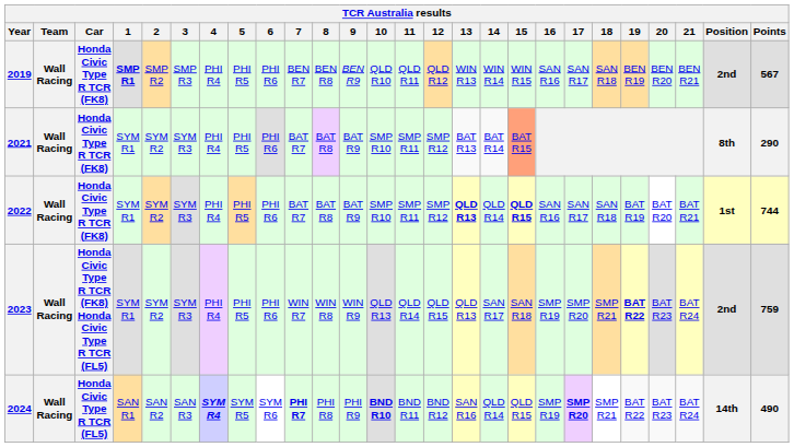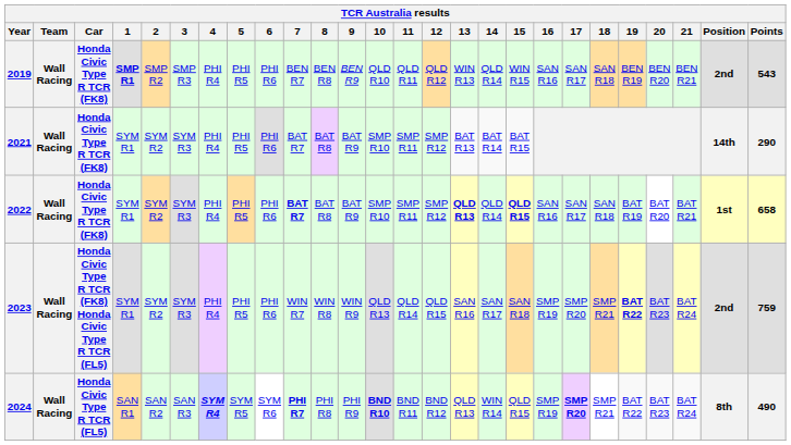 <table class="wikitable" style="text-align:center; font-size:75%">
 <tr>
 <th colspan=45><a href='#'>TCR Australia</a> results</th>
 </tr>
 <tr>
 <th>Year</th>
 <th>Team</th>
 <th>Car</th>
 <th>1</th>
 <th>2</th>
 <th>3</th>
 <th>4</th>
 <th>5</th>
 <th>6</th>
 <th>7</th>
 <th>8</th>
 <th>9</th>
 <th>10</th>
 <th>11</th>
 <th>12</th>
 <th>13</th>
 <th>14</th>
 <th>15</th>
 <th>16</th>
 <th>17</th>
 <th>18</th>
 <th>19</th>
 <th>20</th>
 <th>21</th>
 <th>Position</th>
 <th>Points</th>
 </tr>
 <tr>
 <th><a href='#'>2019</a></th>
 <th>Wall Racing</th>
 <th><a href='#'>Honda Civic Type R TCR (FK8)</a></th>
 <td style="background:#dfdfdf"><strong><a href='#'>SMP<br>R1</a><br></strong></td>
 <td style="background:#ffdf9f"><a href='#'>SMP<br>R2</a><br></td>
 <td style="background:#dfffdf"><a href='#'>SMP<br>R3</a><br></td>
 <td style="background:#dfffdf"><a href='#'>PHI<br>R4</a><br></td>
 <td style="background:#dfffdf"><a href='#'>PHI<br>R5</a><br></td>
 <td style="background:#dfffdf"><a href='#'>PHI<br>R6</a><br></td>
 <td style="background:#dfffdf"><a href='#'>BEN<br>R7</a><br></td>
 <td style="background:#dfffdf"><a href='#'>BEN<br>R8</a><br></td>
 <td style="background:#dfffdf"><em><a href='#'>BEN<br>R9</a><br></em></td>
 <td style="background:#dfffdf"><a href='#'>QLD<br>R10</a><br></td>
 <td style="background:#dfffdf"><a href='#'>QLD<br>R11</a><br></td>
 <td style="background:#ffdf9f"><a href='#'>QLD<br>R12</a><br></td>
 <td style="background:#dfffdf"><a href='#'>WIN<br>R13</a><br></td>
-<td style="background:#dfffdf"><a href='#'>WIN<br>R14</a><br></td>
+<td style=background:#dfffdf><a href='#'>QLD<br>R14</a><br></td>
 <td style="background:#dfffdf"><a href='#'>WIN<br>R15</a><br></td>
 <td style="background:#dfffdf"><a href='#'>SAN<br>R16</a><br></td>
 <td style="background:#dfffdf"><a href='#'>SAN<br>R17</a><br></td>
 <td style="background:#ffdf9f"><a href='#'>SAN<br>R18</a><br></td>
 <td style="background:#ffdf9f"><a href='#'>BEN<br>R19</a><br></td>
 <td style="background:#dfffdf"><a href='#'>BEN<br>R20</a><br></td>
 <td style="background:#dfffdf"><a href='#'>BEN<br>R21</a><br></td>
 <th style="background:#dfdfdf"><strong>2nd</strong></th>
-<th style="background:#dfdfdf"><strong>567</strong></th>
+<th style="background:#dfdfdf"><strong>543</strong></th>
 </tr>
 <tr>
 <th><a href='#'>2021</a></th>
 <th>Wall Racing</th>
 <th><a href='#'>Honda Civic Type R TCR (FK8)</a></th>
 <td style="background:#dfffdf"><a href='#'>SYM<br>R1</a><br></td>
 <td style="background:#dfffdf"><a href='#'>SYM<br>R2</a><br></td>
 <td style="background:#dfffdf"><a href='#'>SYM<br>R3</a><br></td>
 <td style="background:#dfffdf"><a href='#'>PHI<br>R4</a><br></td>
 <td style="background:#dfffdf"><a href='#'>PHI<br>R5</a><br></td>
 <td style="background:#dfdfdf"><a href='#'>PHI<br>R6</a><br></td>
 <td style="background:#dfffdf"><a href='#'>BAT<br>R7</a><br></td>
 <td style="background:#efcfff"><a href='#'>BAT<br>R8</a><br></td>
 <td style="background:#dfffdf"><a href='#'>BAT<br>R9</a><br></td>
 <td style="background:#dfffdf"><a href='#'>SMP<br>R10</a><br></td>
 <td style="background:#dfffdf"><a href='#'>SMP<br>R11</a><br></td>
 <td style="background:#dfffdf"><a href='#'>SMP<br>R12</a><br></td>
 <td><a href='#'>BAT<br>R13</a></td>
 <td><a href='#'>BAT<br>R14</a></td>
-<td style="background: lightsalmon;"><a href='#'>BAT<br>R15</a></td>
+<td><a href='#'>BAT<br>R15</a></td>
 <th colspan=6></th>
-<th>8th</th>
+<th>14th</th>
 <th>290</th>
 </tr>
 <tr>
 <th><a href='#'>2022</a></th>
 <th>Wall Racing</th>
 <th><a href='#'>Honda Civic Type R TCR (FK8)</a></th>
 <td style="background:#dfffdf"><a href='#'>SYM<br>R1</a><br></td>
 <td style="background:#ffdf9f"><a href='#'>SYM<br>R2</a><br></td>
 <td style="background:#dfdfdf"><a href='#'>SYM<br>R3</a><br></td>
 <td style="background:#dfffdf"><a href='#'>PHI<br>R4</a><br></td>
 <td style="background:#ffdf9f"><a href='#'>PHI<br>R5</a><br></td>
 <td style="background:#dfffdf"><a href='#'>PHI<br>R6</a><br></td>
-<td style="background:#dfffdf"><a href='#'>BAT<br>R7</a><br></td>
+<td style="background:#dfffdf"><strong><a href='#'>BAT<br>R7</a><br></strong></td>
 <td style="background:#dfffdf"><a href='#'>BAT<br>R8</a><br></td>
 <td style="background:#dfffdf"><a href='#'>BAT<br>R9</a><br></td>
 <td style="background:#dfffdf"><a href='#'>SMP<br>R10</a><br></td>
 <td style="background:#dfffdf"><a href='#'>SMP<br>R11</a><br></td>
 <td style="background:#dfffdf"><a href='#'>SMP<br>R12</a><br></td>
 <td style="background:#ffffbf"><strong><a href='#'>QLD<br>R13</a><br></strong></td>
 <td style="background:#dfffdf"><a href='#'>QLD<br>R14</a><br></td>
 <td style="background:#ffffbf"><strong><a href='#'>QLD<br>R15</a><br></strong></td>
 <td style="background:#dfffdf"><a href='#'>SAN<br>R16</a><br></td>
 <td style="background:#dfffdf"><a href='#'>SAN<br>R17</a><br></td>
 <td style="background:#dfffdf"><a href='#'>SAN<br>R18</a><br></td>
 <td style="background:#dfffdf"><a href='#'>BAT<br>R19</a><br></td>
 <td style="background:#ffffff"><a href='#'>BAT<br>R20</a><br></td>
 <td style="background:#dfffdf"><a href='#'>BAT<br>R21</a><br></td>
 <th style="background:#ffffbf"><strong>1st</strong></th>
-<th style="background:#ffffbf"><strong>744</strong></th>
+<th style="background:#ffffbf"><strong>658</strong></th>
 </tr>
 <tr>
 <th><a href='#'>2023</a></th>
 <th>Wall Racing</th>
 <th><a href='#'>Honda Civic Type R TCR (FK8)</a><br><a href='#'>Honda Civic Type R TCR (FL5)</a></th>
 <td style=background:#dfdfdf><a href='#'>SYM<br>R1</a><br></td>
 <td style=background:#dfffdf><a href='#'>SYM<br>R2</a><br></td>
 <td style=background:#dfdfdf><a href='#'>SYM<br>R3</a><br></td>
 <td style=background:#efcfff><a href='#'>PHI<br>R4</a><br></td>
 <td style=background:#dfffdf><a href='#'>PHI<br>R5</a><br></td>
 <td style=background:#dfffdf><a href='#'>PHI<br>R6</a><br></td>
 <td style=background:#dfffdf><a href='#'>WIN<br>R7</a><br></td>
 <td style=background:#dfffdf><a href='#'>WIN<br>R8</a><br></td>
 <td style=background:#dfffdf><a href='#'>WIN<br>R9</a><br></td>
 <td style=background:#dfdfdf><a href='#'>QLD<br>R13</a><br></td>
 <td style=background:#dfffdf><a href='#'>QLD<br>R14</a><br></td>
 <td style=background:#dfffdf><a href='#'>QLD<br>R15</a><br></td>
-<td style=background:#ffffbf><a href='#'>QLD<br>R13</a><br></td>
+<td style=background:#ffffbf><a href='#'>SAN<br>R16</a><br></td>
 <td style=background:#dfffdf><a href='#'>SAN<br>R17</a><br></td>
 <td style=background:#ffdf9f><a href='#'>SAN<br>R18</a><br></td>
 <td style=background:#dfffdf><a href='#'>SMP<br>R19</a><br></td>
 <td style=background:#dfffdf><a href='#'>SMP<br>R20</a><br></td>
 <td style=background:#ffdf9f><a href='#'>SMP<br>R21</a><br></td>
 <td style=background:#ffffbf><strong><a href='#'>BAT<br>R22</a><br></strong></td>
 <td style=background:#dfdfdf><a href='#'>BAT<br>R23</a><br></td>
 <td style=background:#ffffbf><a href='#'>BAT<br>R24</a><br></td>
 <th style=background:#dfdfdf><strong>2nd</strong></th>
 <th style=background:#dfdfdf><strong>759</strong></th>
 </tr>
 <tr>
 <th><a href='#'>2024</a></th>
 <th>Wall Racing</th>
 <th><a href='#'>Honda Civic Type R TCR (FL5)</a></th>
 <td style=background:#ffdf9f><a href='#'>SAN<br>R1</a><br></td>
 <td style=background:#dfffdf><a href='#'>SAN<br>R2</a><br></td>
 <td style=background:#dfffdf><a href='#'>SAN<br>R3</a><br></td>
 <td style=background:#cfcfff><strong><em><a href='#'>SYM<br>R4</a><br></em></strong></td>
 <td style=background:#dfffdf><a href='#'>SYM<br>R5</a><br></td>
 <td style=background:#ffffff><a href='#'>SYM<br>R6</a><br></td>
 <td style=background:#dfffdf><strong><a href='#'>PHI<br>R7</a><br></strong></td>
 <td style=background:#dfffdf><a href='#'>PHI<br>R8</a><br></td>
 <td style=background:#dfffdf><a href='#'>PHI<br>R9</a><br></td>
 <td style=background:#dfdfdf><strong><a href='#'>BND<br>R10</a><br></strong></td>
 <td style=background:#dfffdf><a href='#'>BND<br>R11</a><br></td>
 <td style=background:#dfffdf><a href='#'>BND<br>R12</a><br></td>
-<td style=background:#ffffbf><a href='#'>SAN<br>R16</a><br></td>
-<td style=background:#dfffdf><a href='#'>QLD<br>R14</a><br></td>
+<td style=background:#ffffbf><a href='#'>QLD<br>R13</a><br></td>
+<td style="background:#dfffdf"><a href='#'>WIN<br>R14</a><br></td>
 <td style=background:#ffffbf><a href='#'>QLD<br>R15</a><br></td>
 <td style=background:#dfffdf><a href='#'>SMP<br>R19</a><br></td>
 <td style=background:#efcfff><strong><a href='#'>SMP<br>R20</a><br></strong></td>
 <td style=background:#ffffff><a href='#'>SMP<br>R21</a><br></td>
 <td><a href='#'>BAT<br>R22</a></td>
 <td><a href='#'>BAT<br>R23</a></td>
 <td><a href='#'>BAT<br>R24</a></td>
-<th>14th</th>
+<th>8th</th>
 <th>490</th>
 </tr>
 </table>
